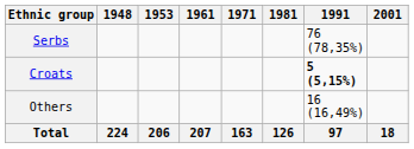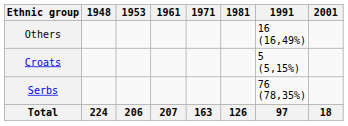 <table class="wikitable" border="1">
 <tr>
 <th>Ethnic group</th>
 <th style=width:3em>1948</th>
 <th style=width:3em>1953</th>
 <th style=width:3em>1961</th>
 <th style=width:3em>1971</th>
 <th style=width:3em>1981</th>
 <th style=width:3em>1991</th>
 <th style=width:3em>2001</th>
 </tr>
 <tr>
-<th style=font-weight:300><a href='#'>Serbs</a></th>
+<th style=font-weight:300>Others</th>
 <td></td>
 <td></td>
 <td></td>
 <td></td>
 <td></td>
-<td>76 (78,35%)</td>
+<td>16 (16,49%)</td>
 <td></td>
 </tr>
 <tr>
 <th style=font-weight:300><a href='#'>Croats</a></th>
 <td></td>
 <td></td>
 <td></td>
 <td></td>
 <td></td>
-<td><strong>5 (5,15%)</strong></td>
+<td>5 (5,15%)</td>
 <td></td>
 </tr>
 <tr>
-<th style=font-weight:300>Others</th>
+<th style=font-weight:300><a href='#'>Serbs</a></th>
 <td></td>
 <td></td>
 <td></td>
 <td></td>
 <td></td>
-<td>16 (16,49%)</td>
+<td>76 (78,35%)</td>
 <td></td>
 </tr>
 <tr>
 <th>Total</th>
 <th>224</th>
 <th>206</th>
 <th>207</th>
 <th>163</th>
 <th>126</th>
 <th>97</th>
 <th>18</th>
 </tr>
 </table>
